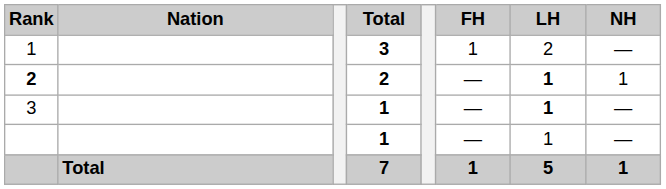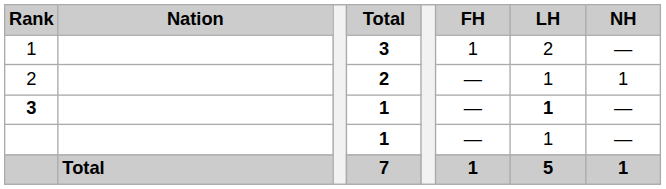 <table class="wikitable plainrowheaders" style="background:#fff; font-size:86%; line-height:16px; border:grey solid 1px; border-collapse:collapse;">
 <tr style="background:#ccc; text-align:center;">
 <th style="background:#ccc;">Rank</th>
 <th style="background:#ccc;">Nation</th>
 <th rowspan="6" width="2"> </th>
 <th width="50" style="background:#ccc;">Total</th>
 <th rowspan="6" width="2"> </th>
 <th width="50" style="background:#ccc;">FH</th>
 <th width="50" style="background:#ccc;">LH</th>
 <th width="50" style="background:#ccc;">NH</th>
 </tr>
 <tr align=center>
 <td align=center>1</td>
 <td align=left></td>
 <td><strong>3</strong></td>
 <td>1</td>
 <td>2</td>
 <td>—</td>
 </tr>
 <tr align=center>
-<td align=center><strong>2</strong></td>
+<td align=center>2</td>
 <td align=left></td>
 <td><strong>2</strong></td>
 <td>—</td>
-<td><strong>1</strong></td>
+<td>1</td>
 <td>1</td>
 </tr>
 <tr align=center>
-<td align=center>3</td>
+<td align=center><strong>3</strong></td>
 <td align=left width=200></td>
 <td><strong>1</strong></td>
 <td>—</td>
 <td><strong>1</strong></td>
 <td>—</td>
 </tr>
 <tr align=center>
 <td align=center></td>
 <td align=left></td>
 <td><strong>1</strong></td>
 <td>—</td>
 <td>1</td>
 <td>—</td>
 </tr>
 <tr bgcolor=#D3D3D3>
 <th style="background:#ccc;"></th>
 <td style="background:#ccc;" align=left><strong>Total</strong></td>
 <th style="background:#ccc;">7</th>
 <th style="background:#ccc;">1</th>
 <th style="background:#ccc;">5</th>
 <th style="background:#ccc;">1</th>
 </tr>
 </table>
